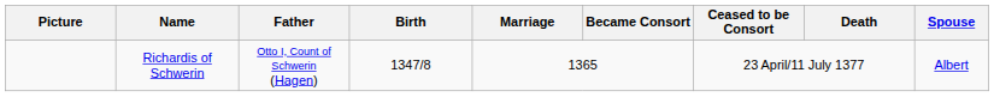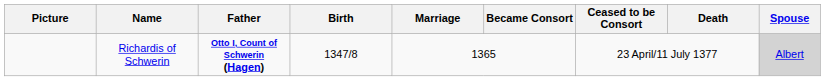 <table style="width:95%;" class="wikitable">
 <tr>
 <th style="width:9%;">Picture</th>
 <th style="width:10%;">Name</th>
 <th style="width:9%;">Father</th>
 <th style="width:10%;">Birth</th>
 <th style="width:9%;">Marriage</th>
 <th style="width:9%;">Became Consort</th>
 <th style="width:9%;">Ceased to be Consort</th>
 <th style="width:9%;">Death</th>
 <th style="width:6%;"><a href='#'>Spouse</a></th>
 </tr>
 <tr>
 <td align=center></td>
 <td align=center><a href='#'>Richardis of Schwerin</a><br></td>
-<td align=center><small><a href='#'>Otto I, Count of Schwerin</a></small><br>(<a href='#'>Hagen</a>)</td>
+<td align=center><strong><small><a href='#'>Otto I, Count of Schwerin</a></small><br>(<a href='#'>Hagen</a>)</strong></td>
 <td align=center>1347/8</td>
 <td style="text-align:center;" colspan="2">1365</td>
 <td style="text-align:center;" colspan="2">23 April/11 July 1377</td>
-<td style="text-align:center;"><a href='#'>Albert</a></td>
+<td style="background: lightgrey; text-align:center;"><a href='#'>Albert</a></td>
 </tr>
 </table>
